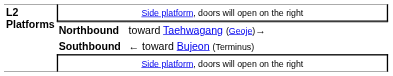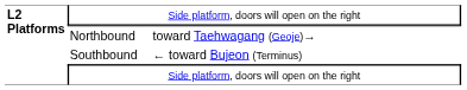 <table table border=0 cellspacing=0 cellpadding=3>
 <tr>
 <td style="border-top:solid 1px gray;border-bottom:solid 1px gray;" width=50 rowspan=10 valign=top><strong>L2<br>Platforms</strong></td>
 <td style="border-top:solid 1px gray;border-right:solid 2px black;border-left:solid 2px black;border-bottom:solid 2px black;text-align:center;" colspan=2><small><a href='#'>Side platform</a>, doors will open on the right</small></td>
 </tr>
 <tr>
-<td style="border-bottom:solid 0px gray;border-top:solid 1px gray;" width=100><strong>Northbound</strong></td>
+<td style="border-bottom:solid 0px gray;border-top:solid 1px gray;" width=100>Northbound</td>
 <td style="border-bottom:solid 0px gray;border-top:solid 1px gray;" width=390>  toward <a href='#'>Taehwagang</a> <small>(<a href='#'>Geoje</a>)</small>→</td>
 </tr>
 <tr>
-<td><strong>Southbound</strong></td>
+<td>Southbound</td>
 <td>←  toward <a href='#'>Bujeon</a> <small>(Terminus)</small></td>
 </tr>
 <tr>
 <td style="border-top:solid 2px black;border-right:solid 2px black;border-left:solid 2px black;border-bottom:solid 1px gray;text-align:center;" colspan=2><small><a href='#'>Side platform</a>, doors will open on the right</small></td>
 </tr>
 </table>
